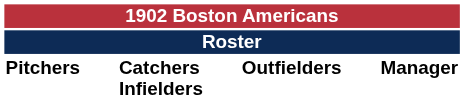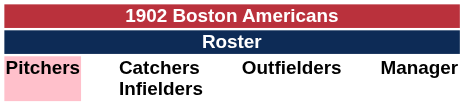 <table class="toccolours" style="text-align: left">
 <tr>
 <th colspan="10" style="background-color: #ba313c; color: white; text-align: center;">1902 Boston Americans</th>
 </tr>
 <tr>
 <td colspan="10" style="background-color: #0d2b56; color: white; text-align: center;"><strong>Roster</strong></td>
 </tr>
 <tr>
-<td valign="top"><strong>Pitchers</strong><br>           </td>
+<td valign="top" style="background: pink;"><strong>Pitchers</strong><br>           </td>
 <td width="25px"></td>
 <td valign="top"><strong>Catchers</strong><br>  <strong>Infielders</strong>       </td>
 <td width="25px"></td>
 <td valign="top"><strong>Outfielders</strong><br>   </td>
 <td width="25px"></td>
 <td valign="top"><strong>Manager</strong><br></td>
 </tr>
 <tr>
 </tr>
 </table>
